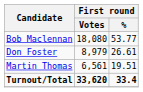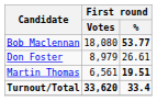 <table class=wikitable style=text-align:right>
 <tr>
 <th rowspan=2>Candidate</th>
 <th colspan=2>First round</th>
 </tr>
 <tr>
 <th>Votes</th>
 <th>%</th>
 </tr>
 <tr>
 <td align=left><a href='#'>Bob Maclennan</a></td>
 <td>18,080</td>
-<td>53.77</td>
+<td><strong>53.77</strong></td>
 </tr>
 <tr>
 <td align=left><a href='#'>Don Foster</a></td>
 <td>8,979</td>
 <td>26.61</td>
 </tr>
 <tr>
 <td align=left><a href='#'>Martin Thomas</a></td>
 <td>6,561</td>
-<td>19.51</td>
+<td><strong>19.51</strong></td>
 </tr>
 <tr>
 <td align=left><strong>Turnout/Total</strong></td>
 <td><strong>33,620</strong></td>
 <td><strong>33.4</strong></td>
 </tr>
 <tr>
 </tr>
 </table>
